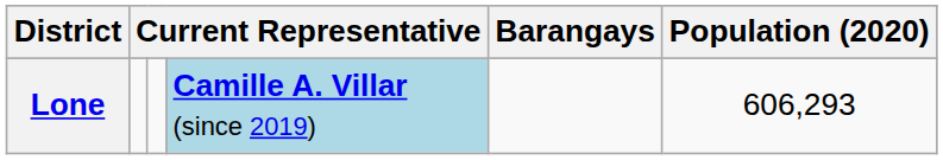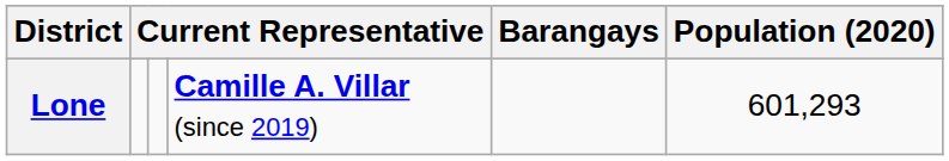 <table class="wikitable sortable" style="margin: 1em auto; font-size:100%; line-height:20px; text-align:center">
 <tr>
 <th>District</th>
 <th colspan="3">Current Representative</th>
 <th>Barangays</th>
 <th>Population (2020)</th>
 </tr>
 <tr>
 <th><a href='#'>Lone</a></th>
 <td style="background:"></td>
 <td></td>
-<td style="background: lightblue; text-align:left;"><strong><a href='#'>Camille A. Villar</a></strong><br><small>(since <a href='#'>2019</a>)</small></td>
+<td style="text-align:left;"><strong><a href='#'>Camille A. Villar</a></strong><br><small>(since <a href='#'>2019</a>)</small></td>
 <td></td>
-<td>606,293</td>
+<td>601,293</td>
 </tr>
 </table>
